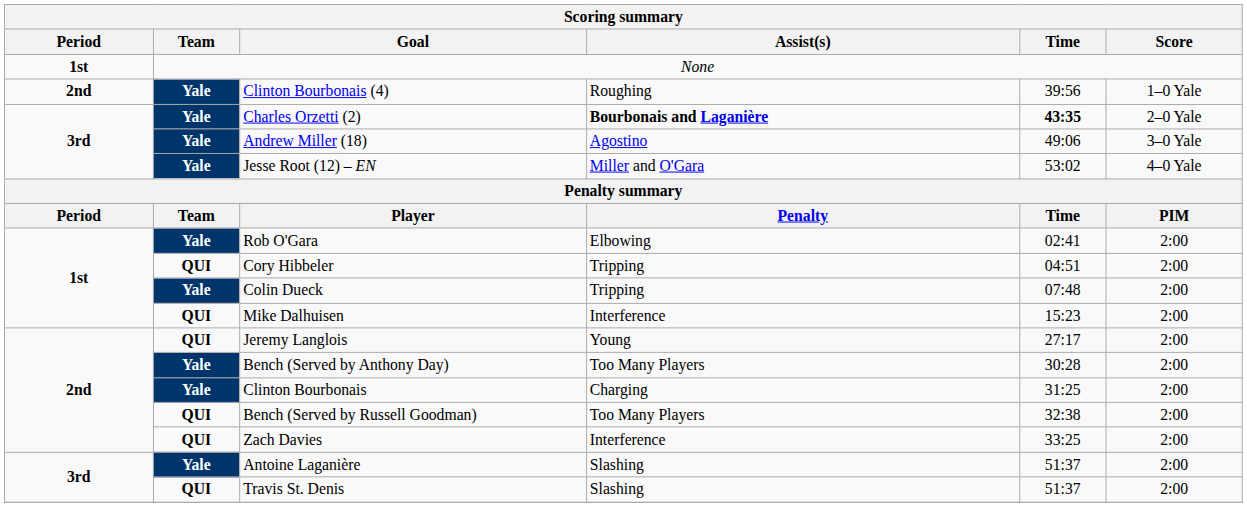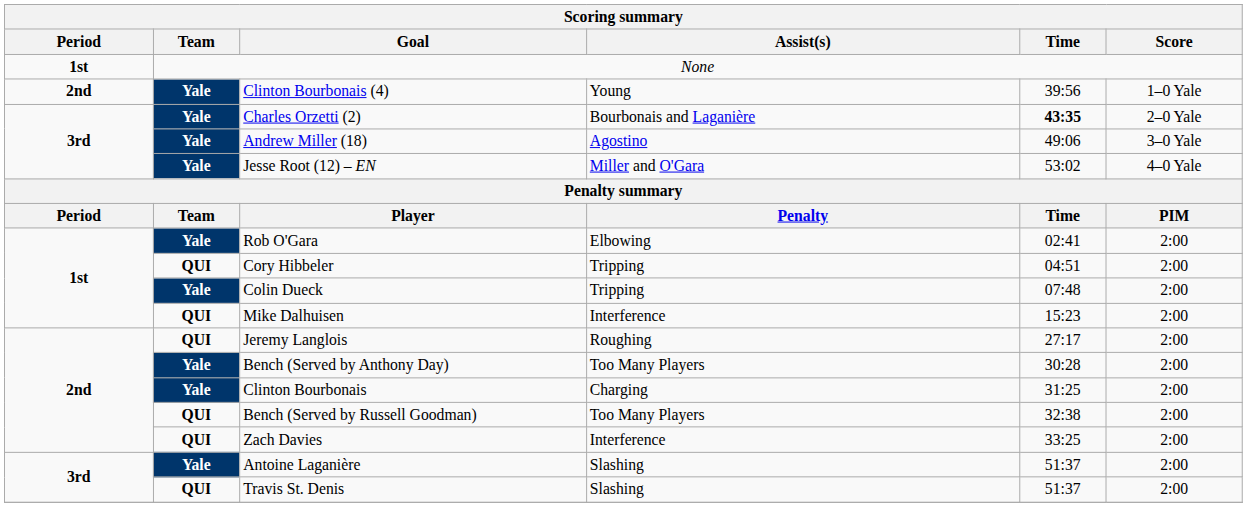 <table style="width:100%;" class="wikitable">
 <tr>
 <th colspan=6>Scoring summary</th>
 </tr>
 <tr>
 <th style="width:12%;">Period</th>
 <th style="width:7%;">Team</th>
 <th style="width:28%;">Goal</th>
 <th style="width:35%;">Assist(s)</th>
 <th style="width:7%;">Time</th>
 <th style="width:11%;">Score</th>
 </tr>
 <tr>
 <td style="text-align:center;" rowspan="1"><strong>1st</strong></td>
 <td style="text-align:center;" colspan="5"><em>None</em></td>
 </tr>
 <tr>
 <td style="text-align:center;" rowspan="1"><strong>2nd</strong></td>
 <td align=center style="color:white; background:#00356B"><strong>Yale</strong></td>
 <td><a href='#'>Clinton Bourbonais</a> (4)</td>
-<td>Roughing</td>
+<td>Young</td>
 <td align=center>39:56</td>
 <td align=center>1–0 Yale</td>
 </tr>
 <tr>
 <td style="text-align:center;" rowspan="3"><strong>3rd</strong></td>
 <td align=center style="color:white; background:#00356B"><strong>Yale</strong></td>
 <td><a href='#'>Charles Orzetti</a> (2)</td>
-<td><strong>Bourbonais and <a href='#'>Laganière</a></strong></td>
+<td>Bourbonais and <a href='#'>Laganière</a></td>
 <td align=center><strong>43:35</strong></td>
 <td align=center>2–0 Yale</td>
 </tr>
 <tr>
 <td align=center style="color:white; background:#00356B"><strong>Yale</strong></td>
 <td><a href='#'>Andrew Miller</a> (18)</td>
 <td><a href='#'>Agostino</a></td>
 <td align=center>49:06</td>
 <td align=center>3–0 Yale</td>
 </tr>
 <tr>
 <td align=center style="color:white; background:#00356B"><strong>Yale</strong></td>
 <td>Jesse Root (12) – <em>EN</em></td>
 <td><a href='#'>Miller</a> and <a href='#'>O'Gara</a></td>
 <td align=center>53:02</td>
 <td align=center>4–0 Yale</td>
 </tr>
 <tr>
 <th colspan=6>Penalty summary</th>
 </tr>
 <tr>
 <th style="width:12%;">Period</th>
 <th style="width:7%;">Team</th>
 <th style="width:28%;">Player</th>
 <th style="width:35%;"><a href='#'>Penalty</a></th>
 <th style="width:7%;">Time</th>
 <th style="width:11%;">PIM</th>
 </tr>
 <tr>
 <td style="text-align:center;" rowspan="4"><strong>1st</strong></td>
 <td align=center style="color:white; background:#00356B"><strong>Yale</strong></td>
 <td>Rob O'Gara</td>
 <td>Elbowing</td>
 <td align=center>02:41</td>
 <td align=center>2:00</td>
 </tr>
 <tr>
 <td align=center><strong>QUI</strong></td>
 <td>Cory Hibbeler</td>
 <td>Tripping</td>
 <td align=center>04:51</td>
 <td align=center>2:00</td>
 </tr>
 <tr>
 <td align=center style="color:white; background:#00356B"><strong>Yale</strong></td>
 <td>Colin Dueck</td>
 <td>Tripping</td>
 <td align=center>07:48</td>
 <td align=center>2:00</td>
 </tr>
 <tr>
 <td align=center><strong>QUI</strong></td>
 <td>Mike Dalhuisen</td>
 <td>Interference</td>
 <td align=center>15:23</td>
 <td align=center>2:00</td>
 </tr>
 <tr>
 <td align=center style="text-align:center;" rowspan="5"><strong>2nd</strong></td>
 <td align=center><strong>QUI</strong></td>
 <td>Jeremy Langlois</td>
-<td>Young</td>
+<td>Roughing</td>
 <td align=center>27:17</td>
 <td align=center>2:00</td>
 </tr>
 <tr>
 <td align=center style="color:white; background:#00356B"><strong>Yale</strong></td>
 <td>Bench (Served by Anthony Day)</td>
 <td>Too Many Players</td>
 <td align=center>30:28</td>
 <td align=center>2:00</td>
 </tr>
 <tr>
 <td align=center style="color:white; background:#00356B"><strong>Yale</strong></td>
 <td>Clinton Bourbonais</td>
 <td>Charging</td>
 <td align=center>31:25</td>
 <td align=center>2:00</td>
 </tr>
 <tr>
 <td align=center><strong>QUI</strong></td>
 <td>Bench (Served by Russell Goodman)</td>
 <td>Too Many Players</td>
 <td align=center>32:38</td>
 <td align=center>2:00</td>
 </tr>
 <tr>
 <td align=center><strong>QUI</strong></td>
 <td>Zach Davies</td>
 <td>Interference</td>
 <td align=center>33:25</td>
 <td align=center>2:00</td>
 </tr>
 <tr>
 <td style="text-align:center;" rowspan="2"><strong>3rd</strong></td>
 <td align=center style="color:white; background:#00356B"><strong>Yale</strong></td>
 <td>Antoine Laganière</td>
 <td>Slashing</td>
 <td align=center>51:37</td>
 <td align=center>2:00</td>
 </tr>
 <tr>
 <td align=center><strong>QUI</strong></td>
 <td>Travis St. Denis</td>
 <td>Slashing</td>
 <td align=center>51:37</td>
 <td align=center>2:00</td>
 </tr>
 <tr>
 </tr>
 </table>
